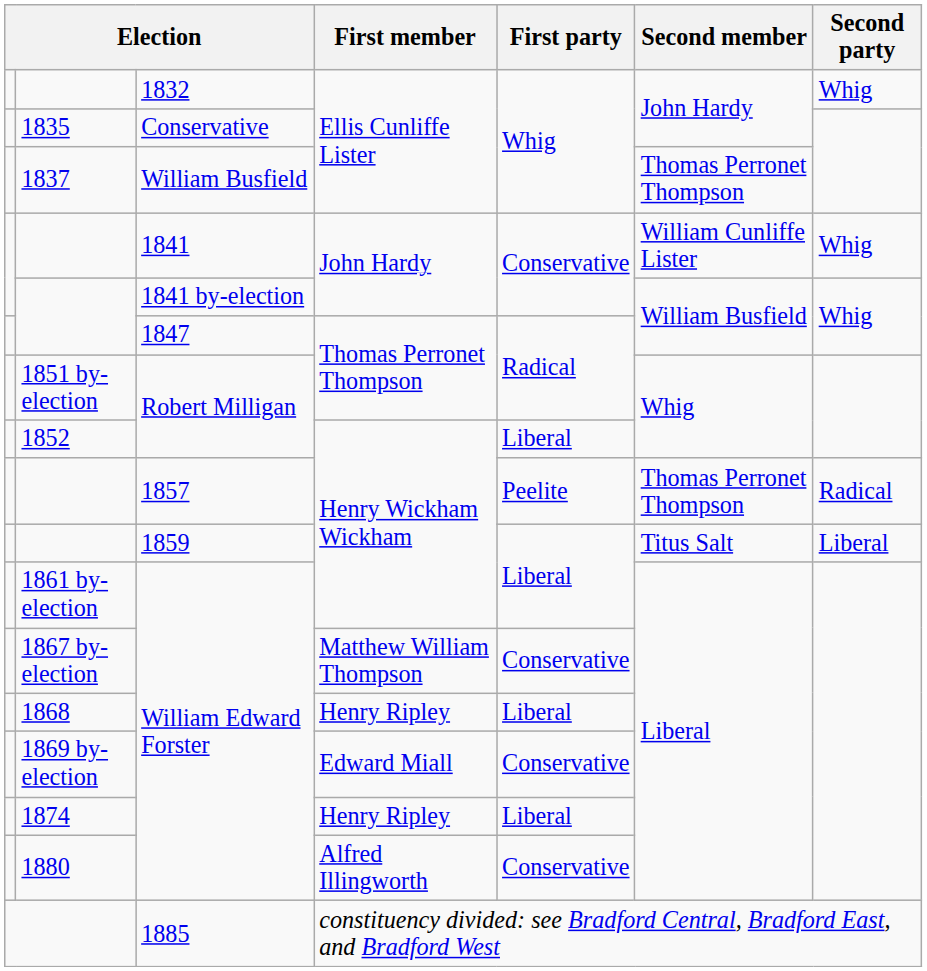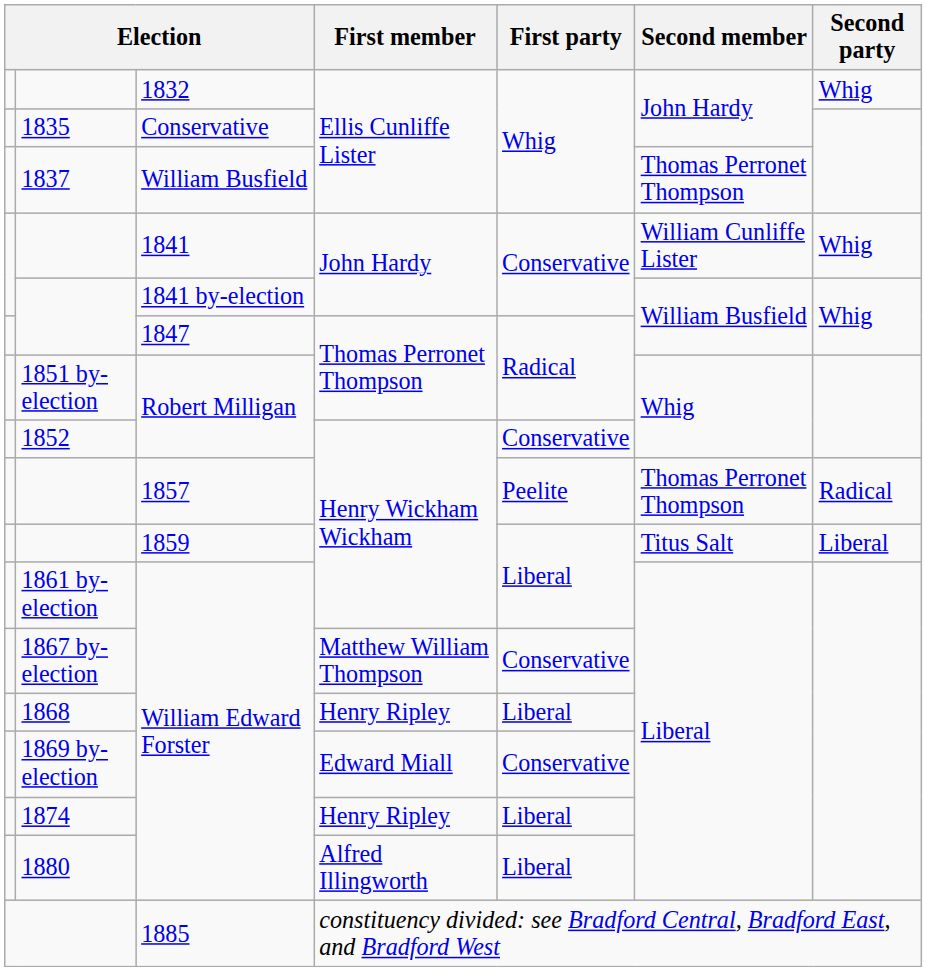 <table class="wikitable">
 <tr>
 <th colspan="3">Election</th>
 <th>First member</th>
 <th>First party</th>
 <th>Second member</th>
 <th>Second party</th>
 </tr>
 <tr>
 <td style="color:inherit;background-color: "></td>
 <td style="color:inherit;background-color: "></td>
 <td><a href='#'>1832</a></td>
 <td rowspan="3"><a href='#'>Ellis Cunliffe Lister</a></td>
 <td rowspan="3"><a href='#'>Whig</a></td>
 <td rowspan="2"><a href='#'>John Hardy</a></td>
 <td><a href='#'>Whig</a></td>
 </tr>
 <tr>
 <td style="color:inherit;background-color: "></td>
 <td><a href='#'>1835</a></td>
 <td><a href='#'>Conservative</a></td>
 </tr>
 <tr>
 <td style="color:inherit;background-color: "></td>
 <td><a href='#'>1837</a></td>
 <td><a href='#'>William Busfield</a></td>
 <td><a href='#'>Thomas Perronet Thompson</a></td>
 </tr>
 <tr>
 <td rowspan="2" style="color:inherit;background-color: "></td>
 <td style="color:inherit;background-color: "></td>
 <td><a href='#'>1841</a></td>
 <td rowspan="2"><a href='#'>John Hardy</a></td>
 <td rowspan="2"><a href='#'>Conservative</a></td>
 <td><a href='#'>William Cunliffe Lister</a></td>
 <td><a href='#'>Whig</a></td>
 </tr>
 <tr>
 <td rowspan="2" style="color:inherit;background-color: "></td>
 <td><a href='#'>1841 by-election</a> </td>
 <td rowspan="2"><a href='#'>William Busfield</a></td>
 <td rowspan="2"><a href='#'>Whig</a></td>
 </tr>
 <tr>
 <td style="color:inherit;background-color: "></td>
 <td><a href='#'>1847</a></td>
 <td rowspan="2"><a href='#'>Thomas Perronet Thompson</a></td>
 <td rowspan="2"><a href='#'>Radical</a></td>
 </tr>
 <tr>
 <td style="color:inherit;background-color: "></td>
 <td><a href='#'>1851 by-election</a> </td>
 <td rowspan="2"><a href='#'>Robert Milligan</a></td>
 <td rowspan="2"><a href='#'>Whig</a></td>
 </tr>
 <tr>
 <td style="color:inherit;background-color: "></td>
 <td><a href='#'>1852</a></td>
 <td rowspan="4"><a href='#'>Henry Wickham Wickham</a></td>
-<td><a href='#'>Liberal</a></td>
+<td><a href='#'>Conservative</a></td>
 </tr>
 <tr>
 <td style="color:inherit;background-color: "></td>
 <td style="color:inherit;background-color: "></td>
 <td><a href='#'>1857</a></td>
 <td><a href='#'>Peelite</a></td>
 <td><a href='#'>Thomas Perronet Thompson</a></td>
 <td><a href='#'>Radical</a></td>
 </tr>
 <tr>
 <td style="color:inherit;background-color: "></td>
 <td style="color:inherit;background-color: "></td>
 <td><a href='#'>1859</a></td>
 <td rowspan="2"><a href='#'>Liberal</a></td>
 <td><a href='#'>Titus Salt</a></td>
 <td><a href='#'>Liberal</a></td>
 </tr>
 <tr>
 <td style="color:inherit;background-color: "></td>
 <td><a href='#'>1861 by-election</a> </td>
 <td rowspan="6"><a href='#'>William Edward Forster</a></td>
 <td rowspan="6"><a href='#'>Liberal</a></td>
 </tr>
 <tr>
 <td style="color:inherit;background-color: "></td>
 <td><a href='#'>1867 by-election</a></td>
 <td><a href='#'>Matthew William Thompson</a></td>
 <td><a href='#'>Conservative</a></td>
 </tr>
 <tr>
 <td style="color:inherit;background-color: "></td>
 <td><a href='#'>1868</a></td>
 <td><a href='#'>Henry Ripley</a></td>
 <td><a href='#'>Liberal</a></td>
 </tr>
 <tr>
 <td style="color:inherit;background-color: "></td>
 <td><a href='#'>1869 by-election</a> </td>
 <td><a href='#'>Edward Miall</a></td>
 <td><a href='#'>Conservative</a></td>
 </tr>
 <tr>
 <td style="color:inherit;background-color: "></td>
 <td><a href='#'>1874</a></td>
 <td><a href='#'>Henry Ripley</a></td>
 <td><a href='#'>Liberal</a></td>
 </tr>
 <tr>
 <td style="color:inherit;background-color: "></td>
 <td><a href='#'>1880</a></td>
 <td><a href='#'>Alfred Illingworth</a></td>
-<td><a href='#'>Conservative</a></td>
+<td><a href='#'>Liberal</a></td>
 </tr>
 <tr>
 <td colspan = "2"></td>
 <td><a href='#'>1885</a></td>
 <td colspan="4"><em>constituency divided: see <a href='#'>Bradford Central</a>, <a href='#'>Bradford East</a>, and <a href='#'>Bradford West</a></em></td>
 </tr>
 </table>
